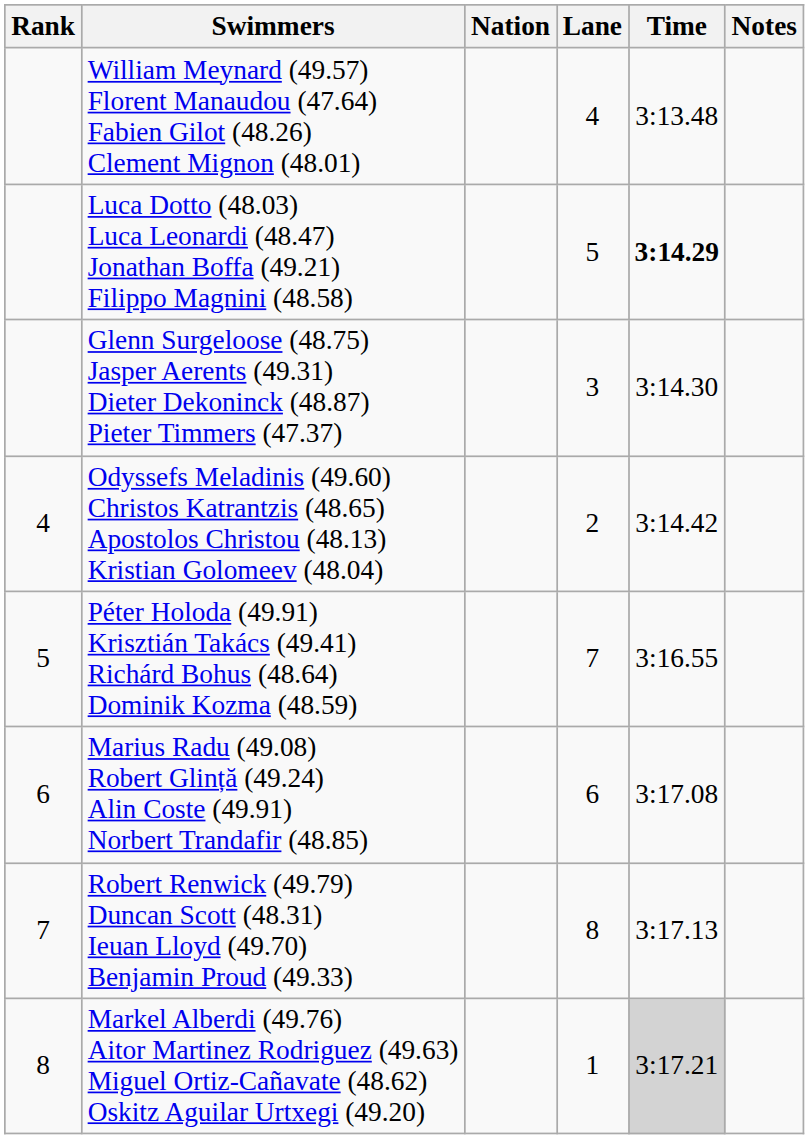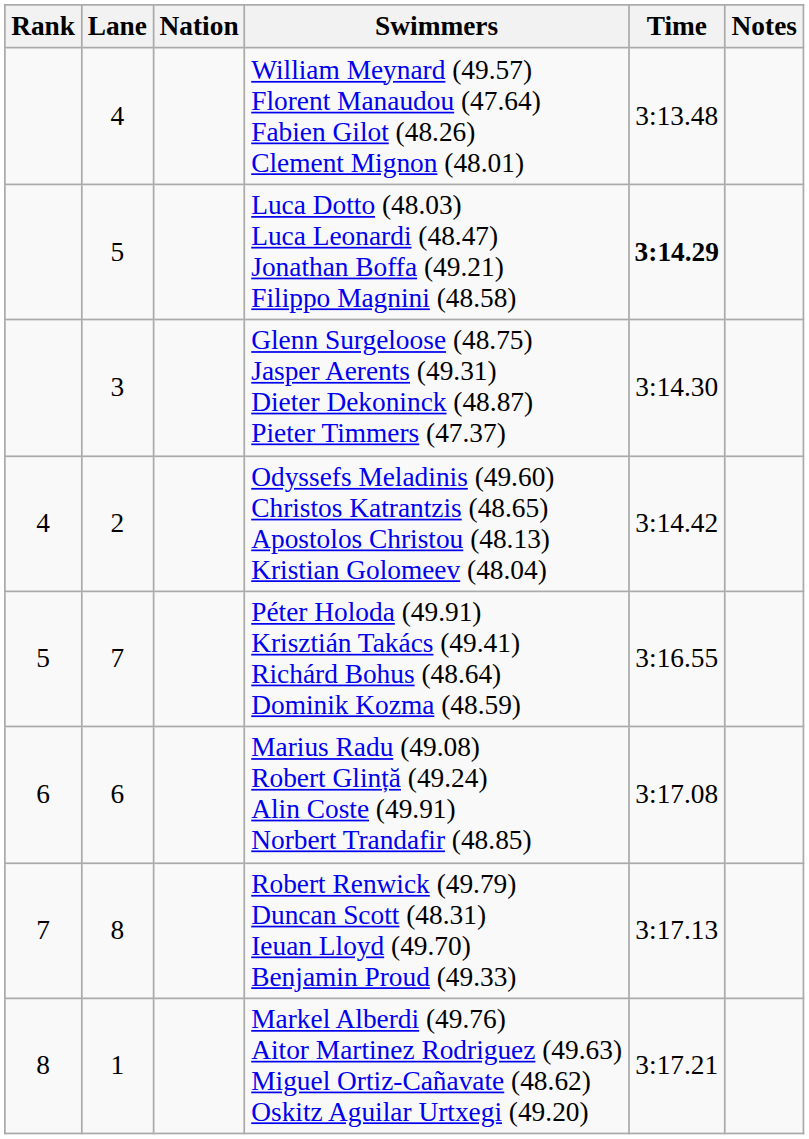 <table class="wikitable sortable" style="text-align:center">
 <tr>
 <th>Rank</th>
+<th>Lane</th>
+<th>Nation</th>
 <th>Swimmers</th>
-<th>Nation</th>
-<th>Lane</th>
 <th>Time</th>
 <th>Notes</th>
 </tr>
 <tr>
 <td></td>
+<td>4</td>
+<td align=left></td>
 <td align=left><a href='#'>William Meynard</a> (49.57)<br><a href='#'>Florent Manaudou</a> (47.64)<br><a href='#'>Fabien Gilot</a> (48.26)<br><a href='#'>Clement Mignon</a> (48.01)</td>
-<td align=left></td>
-<td>4</td>
 <td>3:13.48</td>
 <td></td>
 </tr>
 <tr>
 <td></td>
+<td>5</td>
+<td align=left></td>
 <td align=left><a href='#'>Luca Dotto</a> (48.03)<br><a href='#'>Luca Leonardi</a> (48.47)<br><a href='#'>Jonathan Boffa</a> (49.21)<br><a href='#'>Filippo Magnini</a> (48.58)</td>
-<td align=left></td>
-<td>5</td>
 <td><strong>3:14.29</strong></td>
 <td></td>
 </tr>
 <tr>
 <td></td>
+<td>3</td>
+<td align=left></td>
 <td align=left><a href='#'>Glenn Surgeloose</a> (48.75)<br><a href='#'>Jasper Aerents</a> (49.31)<br><a href='#'>Dieter Dekoninck</a> (48.87)<br><a href='#'>Pieter Timmers</a> (47.37)</td>
-<td align=left></td>
-<td>3</td>
 <td>3:14.30</td>
 <td></td>
 </tr>
 <tr>
 <td>4</td>
+<td>2</td>
+<td align=left></td>
 <td align=left><a href='#'>Odyssefs Meladinis</a> (49.60)<br><a href='#'>Christos Katrantzis</a> (48.65)<br><a href='#'>Apostolos Christou</a> (48.13)<br><a href='#'>Kristian Golomeev</a> (48.04)</td>
-<td align=left></td>
-<td>2</td>
 <td>3:14.42</td>
 <td></td>
 </tr>
 <tr>
 <td>5</td>
+<td>7</td>
+<td align=left></td>
 <td align=left><a href='#'>Péter Holoda</a> (49.91)<br><a href='#'>Krisztián Takács</a> (49.41)<br><a href='#'>Richárd Bohus</a> (48.64)<br><a href='#'>Dominik Kozma</a> (48.59)</td>
-<td align=left></td>
-<td>7</td>
 <td>3:16.55</td>
 <td></td>
 </tr>
 <tr>
 <td>6</td>
+<td>6</td>
+<td align=left></td>
 <td align=left><a href='#'>Marius Radu</a> (49.08)<br><a href='#'>Robert Glință</a> (49.24)<br><a href='#'>Alin Coste</a> (49.91)<br><a href='#'>Norbert Trandafir</a> (48.85)</td>
-<td align=left></td>
-<td>6</td>
 <td>3:17.08</td>
 <td></td>
 </tr>
 <tr>
 <td>7</td>
+<td>8</td>
+<td align=left></td>
 <td align=left><a href='#'>Robert Renwick</a> (49.79)<br><a href='#'>Duncan Scott</a> (48.31)<br><a href='#'>Ieuan Lloyd</a> (49.70)<br><a href='#'>Benjamin Proud</a> (49.33)</td>
-<td align=left></td>
-<td>8</td>
 <td>3:17.13</td>
 <td></td>
 </tr>
 <tr>
 <td>8</td>
+<td>1</td>
+<td align=left></td>
 <td align=left><a href='#'>Markel Alberdi</a> (49.76)<br> <a href='#'>Aitor Martinez Rodriguez</a> (49.63)<br><a href='#'>Miguel Ortiz-Cañavate</a> (48.62)<br><a href='#'>Oskitz Aguilar Urtxegi</a> (49.20)</td>
-<td align=left></td>
-<td>1</td>
-<td style="background: lightgrey;">3:17.21</td>
+<td>3:17.21</td>
 <td></td>
 </tr>
 </table>
